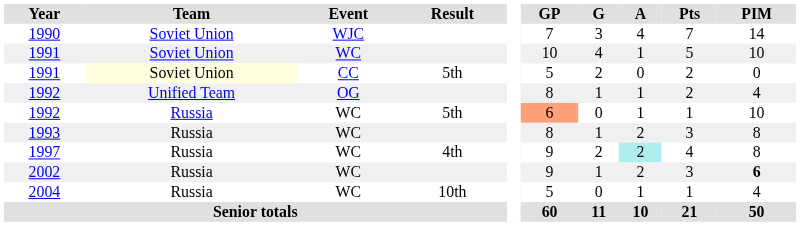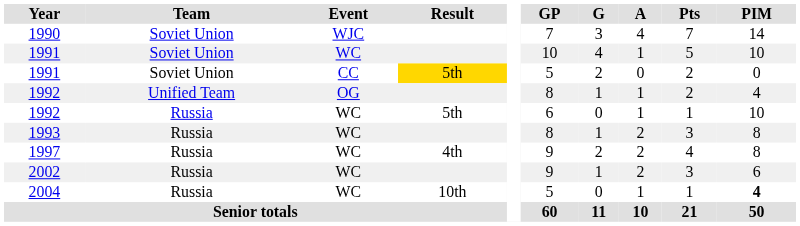 <table border="0" cellpadding="1" cellspacing="0" style="text-align:center; width:50em">
 <tr ALIGN="center" bgcolor="#e0e0e0">
 <th>Year</th>
 <th>Team</th>
 <th>Event</th>
 <th>Result</th>
 <th ALIGN="center" rowspan="99" bgcolor="#ffffff"> </th>
 <th>GP</th>
 <th>G</th>
 <th>A</th>
 <th>Pts</th>
 <th>PIM</th>
 </tr>
 <tr>
 <td><a href='#'>1990</a></td>
 <td><a href='#'>Soviet Union</a></td>
 <td><a href='#'>WJC</a></td>
 <td></td>
 <td>7</td>
 <td>3</td>
 <td>4</td>
 <td>7</td>
 <td>14</td>
 </tr>
 <tr bgcolor="#f0f0f0">
 <td><a href='#'>1991</a></td>
 <td><a href='#'>Soviet Union</a></td>
 <td><a href='#'>WC</a></td>
 <td></td>
 <td>10</td>
 <td>4</td>
 <td>1</td>
 <td>5</td>
 <td>10</td>
 </tr>
 <tr>
 <td><a href='#'>1991</a></td>
-<td style="background: lightyellow;">Soviet Union</td>
+<td>Soviet Union</td>
 <td><a href='#'>CC</a></td>
-<td>5th</td>
+<td style="background: gold;">5th</td>
 <td>5</td>
 <td>2</td>
 <td>0</td>
 <td>2</td>
 <td>0</td>
 </tr>
 <tr bgcolor="#f0f0f0">
 <td><a href='#'>1992</a></td>
 <td><a href='#'>Unified Team</a></td>
 <td><a href='#'>OG</a></td>
 <td></td>
 <td>8</td>
 <td>1</td>
 <td>1</td>
 <td>2</td>
 <td>4</td>
 </tr>
 <tr>
 <td><a href='#'>1992</a></td>
 <td><a href='#'>Russia</a></td>
 <td>WC</td>
 <td>5th</td>
-<td style="background: lightsalmon;">6</td>
+<td>6</td>
 <td>0</td>
 <td>1</td>
 <td>1</td>
 <td>10</td>
 </tr>
 <tr bgcolor="#f0f0f0">
 <td><a href='#'>1993</a></td>
 <td>Russia</td>
 <td>WC</td>
 <td></td>
 <td>8</td>
 <td>1</td>
 <td>2</td>
 <td>3</td>
 <td>8</td>
 </tr>
 <tr>
 <td><a href='#'>1997</a></td>
 <td>Russia</td>
 <td>WC</td>
 <td>4th</td>
 <td>9</td>
 <td>2</td>
-<td style="background: paleturquoise;">2</td>
+<td>2</td>
 <td>4</td>
 <td>8</td>
 </tr>
 <tr bgcolor="#f0f0f0">
 <td><a href='#'>2002</a></td>
 <td>Russia</td>
 <td>WC</td>
 <td></td>
 <td>9</td>
 <td>1</td>
 <td>2</td>
 <td>3</td>
-<td><strong>6</strong></td>
+<td>6</td>
 </tr>
 <tr>
 <td><a href='#'>2004</a></td>
 <td>Russia</td>
 <td>WC</td>
 <td>10th</td>
 <td>5</td>
 <td>0</td>
 <td>1</td>
 <td>1</td>
-<td>4</td>
+<td><strong>4</strong></td>
 </tr>
 <tr bgcolor="#e0e0e0">
 <th colspan=4>Senior totals</th>
 <th>60</th>
 <th>11</th>
 <th>10</th>
 <th>21</th>
 <th>50</th>
 </tr>
 </table>
